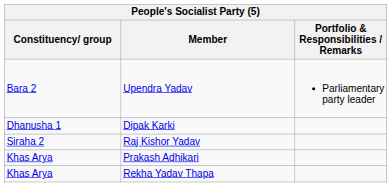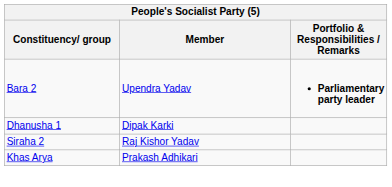 <table class="wikitable sortable mw-collapsible">
 <tr>
 <th colspan="3" style="width: 800pt; background:">People's Socialist Party (5)</th>
 </tr>
 <tr>
 <th style="width:150pt;" style="background-color:">Constituency/ group</th>
 <th style="width:250pt;" style="background-color:">Member</th>
 <th style="background-color:">Portfolio & Responsibilities / Remarks</th>
 </tr>
 <tr>
 <td><a href='#'>Bara 2</a></td>
 <td><a href='#'>Upendra Yadav</a></td>
-<td><br><ul><li>Parliamentary party leader</li></ul></td>
+<td><strong><br><ul><li>Parliamentary party leader</li></ul></strong></td>
 </tr>
 <tr>
 <td><a href='#'>Dhanusha 1</a></td>
 <td><a href='#'>Dipak Karki</a></td>
 <td></td>
 </tr>
 <tr>
 <td><a href='#'>Siraha 2</a></td>
 <td><a href='#'>Raj Kishor Yadav</a></td>
 <td></td>
 </tr>
 <tr>
 <td><a href='#'>Khas Arya</a></td>
 <td><a href='#'>Prakash Adhikari</a></td>
 <td></td>
 </tr>
-<tr>
-<td><a href='#'>Khas Arya</a></td>
-<td><a href='#'>Rekha Yadav Thapa</a></td>
-<td></td>
-</tr>
 </table>
